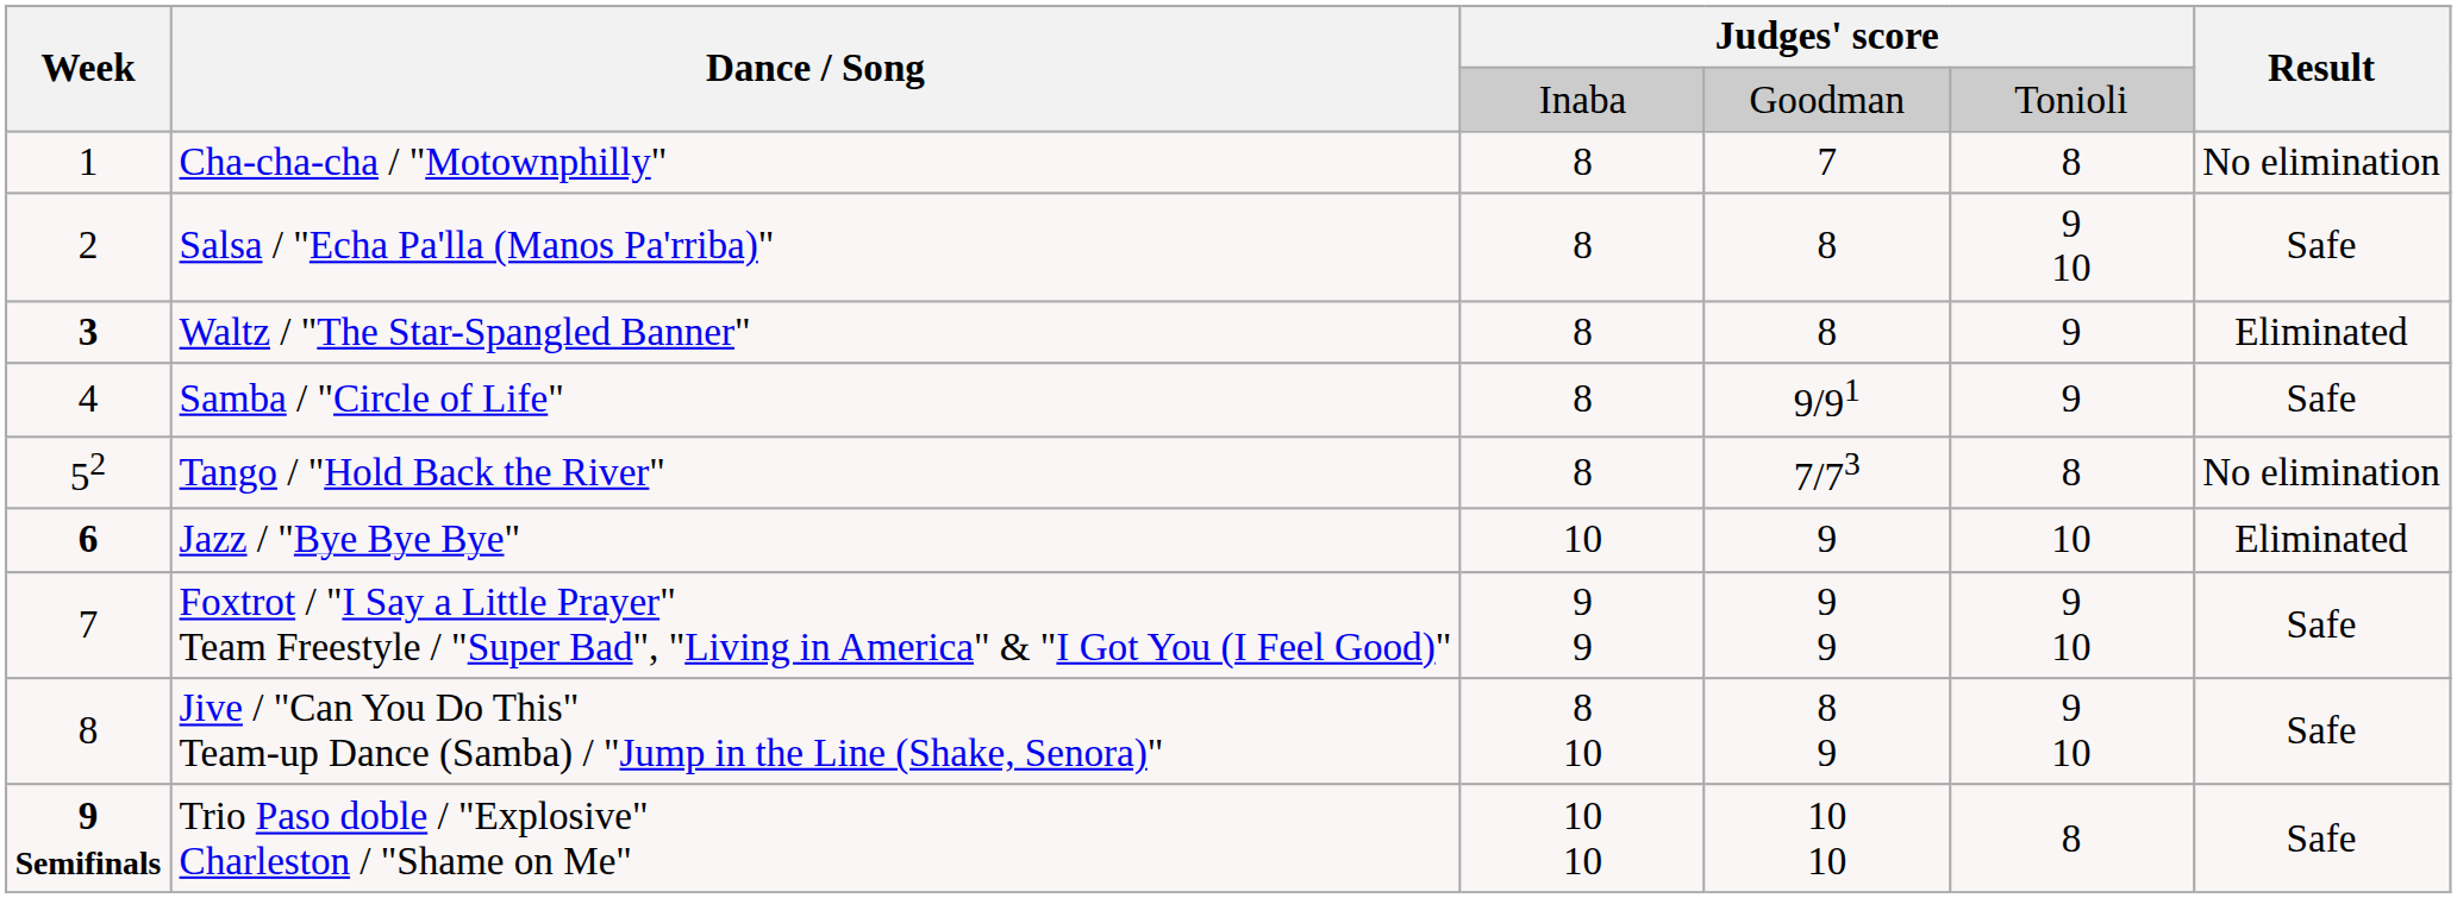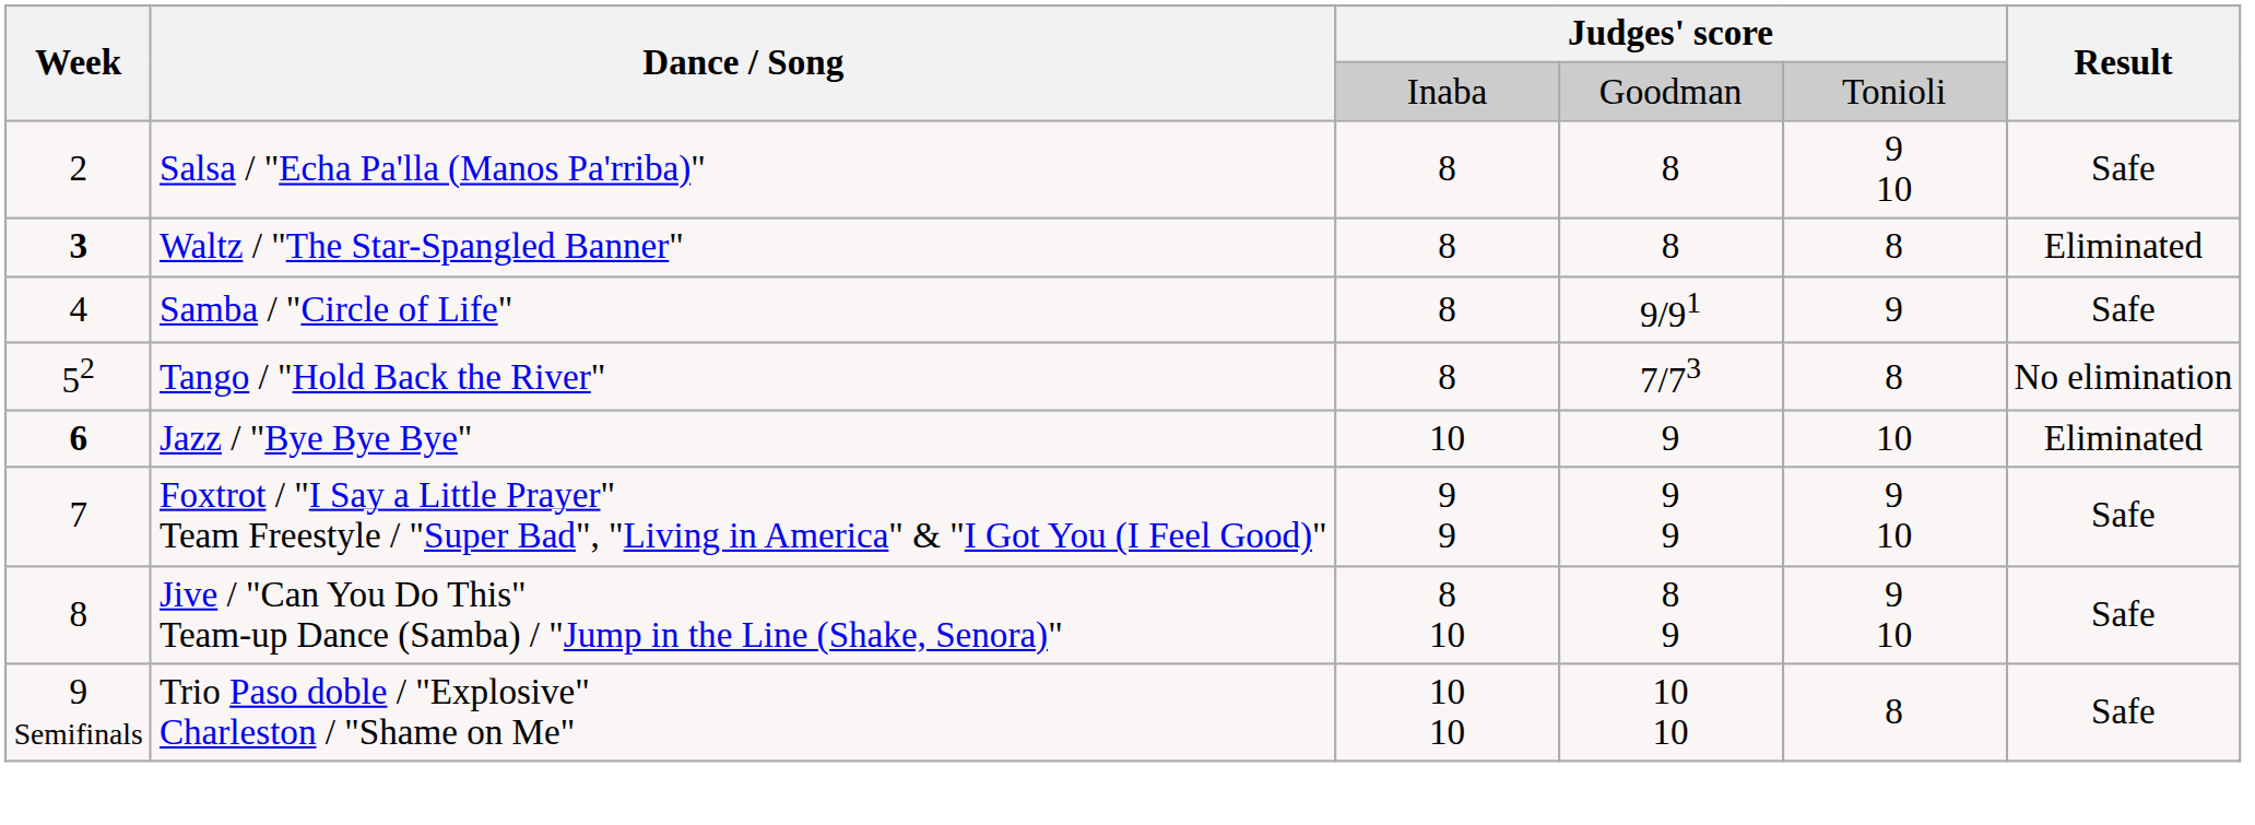 <table class="wikitable" style="text-align:center;">
 <tr style="text-align:center;">
 <th rowspan="2" bgcolor="#CCCCCC" align="Center">Week</th>
 <th rowspan="2" bgcolor="#CCCCCC" align="Center">Dance / Song</th>
 <th colspan="3" bgcolor="#CCCCCC" align="Center">Judges' score</th>
 <th rowspan="2" bgcolor="#CCCCCC" align="Center">Result</th>
 </tr>
 <tr>
 <td bgcolor="#CCCCCC" width="10%" align="center">Inaba</td>
 <td bgcolor="#CCCCCC" width="10%" align="center">Goodman</td>
 <td bgcolor="#CCCCCC" width="10%" align="center">Tonioli</td>
-</tr>
-<tr>
-<td bgcolor="#FAF6F6">1</td>
-<td align="left" bgcolor="#FAF6F6"><a href='#'>Cha-cha-cha</a> / "<a href='#'>Motownphilly</a>"</td>
-<td bgcolor="#FAF6F6">8</td>
-<td bgcolor="#FAF6F6">7</td>
-<td bgcolor="#FAF6F6">8</td>
-<td bgcolor="#FAF6F6">No elimination</td>
 </tr>
 <tr>
 <td bgcolor="#FAF6F6">2</td>
 <td align="left" bgcolor="#FAF6F6"><a href='#'>Salsa</a> / "<a href='#'>Echa Pa'lla (Manos Pa'rriba)</a>"</td>
 <td bgcolor="#FAF6F6">8</td>
 <td bgcolor="#FAF6F6">8</td>
 <td bgcolor="#FAF6F6">9<br>10</td>
 <td bgcolor="#FAF6F6">Safe</td>
 </tr>
 <tr>
 <td bgcolor="#FAF6F6"><strong>3</strong></td>
 <td align="left" bgcolor="#FAF6F6"><a href='#'>Waltz</a> / "<a href='#'>The Star-Spangled Banner</a>"</td>
 <td bgcolor="#FAF6F6">8</td>
 <td bgcolor="#FAF6F6">8</td>
-<td bgcolor="#FAF6F6">9</td>
+<td bgcolor="#FAF6F6">8</td>
 <td bgcolor="#FAF6F6">Eliminated</td>
 </tr>
 <tr>
 <td bgcolor="#FAF6F6">4</td>
 <td align="left" bgcolor="#FAF6F6"><a href='#'>Samba</a> / "<a href='#'>Circle of Life</a>"</td>
 <td bgcolor="#FAF6F6">8</td>
 <td bgcolor="#FAF6F6">9/9<sup>1</sup></td>
 <td bgcolor="#FAF6F6">9</td>
 <td bgcolor="#FAF6F6">Safe</td>
 </tr>
 <tr>
 <td bgcolor="#FAF6F6">5<sup>2</sup></td>
 <td align="left" bgcolor="#FAF6F6"><a href='#'>Tango</a> / "<a href='#'>Hold Back the River</a>"</td>
 <td bgcolor="#FAF6F6">8</td>
 <td bgcolor="#FAF6F6">7/7<sup>3</sup></td>
 <td bgcolor="#FAF6F6">8</td>
 <td bgcolor="#FAF6F6">No elimination</td>
 </tr>
 <tr>
 <td bgcolor="#FAF6F6"><strong>6</strong></td>
 <td align="left" bgcolor="#FAF6F6"><a href='#'>Jazz</a> / "<a href='#'>Bye Bye Bye</a>"</td>
 <td bgcolor="#FAF6F6">10</td>
 <td bgcolor="#FAF6F6">9</td>
 <td bgcolor="#FAF6F6">10</td>
 <td bgcolor="#FAF6F6">Eliminated</td>
 </tr>
 <tr>
 <td bgcolor="#FAF6F6">7</td>
 <td align="left" bgcolor="#FAF6F6"><a href='#'>Foxtrot</a> / "<a href='#'>I Say a Little Prayer</a>"<br>Team Freestyle / "<a href='#'>Super Bad</a>", "<a href='#'>Living in America</a>" & "<a href='#'>I Got You (I Feel Good)</a>"</td>
 <td bgcolor="#FAF6F6">9<br>9</td>
 <td bgcolor="#FAF6F6">9<br>9</td>
 <td bgcolor="#FAF6F6">9<br>10</td>
 <td bgcolor="#FAF6F6">Safe</td>
 </tr>
 <tr>
 <td bgcolor="#FAF6F6">8</td>
 <td align="left" bgcolor="#FAF6F6"><a href='#'>Jive</a> / "Can You Do This"<br>Team-up Dance (Samba) / "<a href='#'>Jump in the Line (Shake, Senora)</a>"</td>
 <td bgcolor="#FAF6F6">8<br>10</td>
 <td bgcolor="#FAF6F6">8<br>9</td>
 <td bgcolor="#FAF6F6">9<br>10</td>
 <td bgcolor="#FAF6F6">Safe</td>
 </tr>
 <tr>
-<td bgcolor="#FAF6F6"><strong>9<br><small>Semifinals</small></strong></td>
+<td bgcolor="#FAF6F6">9<br><small>Semifinals</small></td>
 <td align="left" bgcolor="#FAF6F6">Trio <a href='#'>Paso doble</a> / "Explosive"<br><a href='#'>Charleston</a> / "Shame on Me"</td>
 <td bgcolor="#FAF6F6">10<br>10</td>
 <td bgcolor="#FAF6F6">10<br>10</td>
 <td bgcolor="#FAF6F6">8</td>
 <td bgcolor="#FAF6F6">Safe</td>
 </tr>
 </table>
